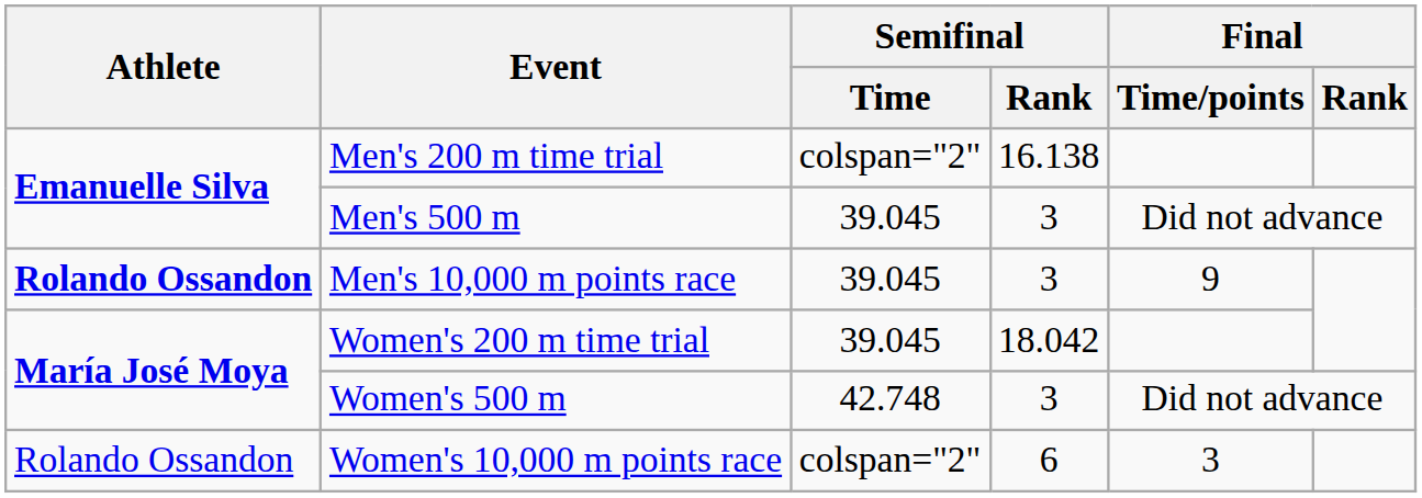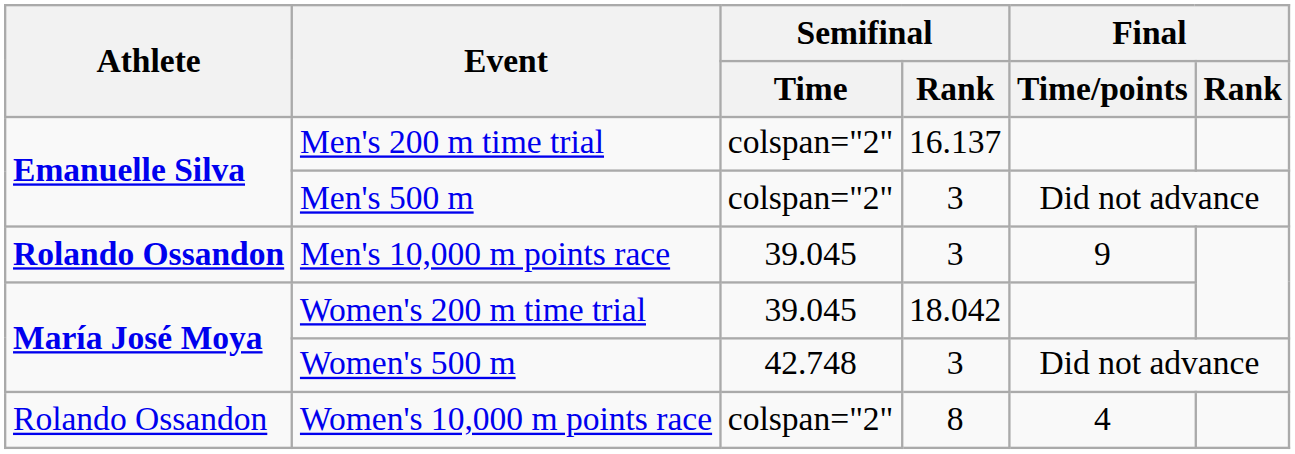 <table class="wikitable" border="1" style="font-size:90%">
 <tr>
 <th rowspan=2>Athlete</th>
 <th rowspan=2>Event</th>
 <th colspan=2>Semifinal</th>
 <th colspan=2>Final</th>
 </tr>
 <tr>
 <th>Time</th>
 <th>Rank</th>
 <th>Time/points</th>
 <th>Rank</th>
 </tr>
 <tr align=center>
 <td rowspan="2" align=left><strong><a href='#'>Emanuelle Silva</a></strong></td>
 <td align=left><a href='#'>Men's 200 m time trial</a></td>
 <td>colspan="2" </td>
-<td>16.138</td>
+<td>16.137</td>
 <td></td>
 </tr>
 <tr align=center>
 <td align=left><a href='#'>Men's 500 m</a></td>
-<td>39.045</td>
+<td>colspan="2" </td>
 <td>3</td>
 <td colspan="2">Did not advance</td>
 </tr>
 <tr align=center>
 <td align=left><strong><a href='#'>Rolando Ossandon</a></strong></td>
 <td align=left><a href='#'>Men's 10,000 m points race</a></td>
 <td>39.045</td>
 <td>3</td>
 <td>9</td>
 </tr>
 <tr align=center>
 <td rowspan="2" align=left><strong><a href='#'>María José Moya</a></strong></td>
 <td align=left><a href='#'>Women's 200 m time trial</a></td>
 <td>39.045</td>
 <td>18.042</td>
 <td></td>
 </tr>
 <tr align=center>
 <td align=left><a href='#'>Women's 500 m</a></td>
 <td>42.748</td>
 <td>3</td>
 <td colspan="2">Did not advance</td>
 </tr>
 <tr align=center>
 <td align=left><a href='#'>Rolando Ossandon</a></td>
 <td align=left><a href='#'>Women's 10,000 m points race</a></td>
 <td>colspan="2" </td>
-<td>6</td>
-<td>3</td>
+<td>8</td>
+<td>4</td>
 </tr>
 </table>
